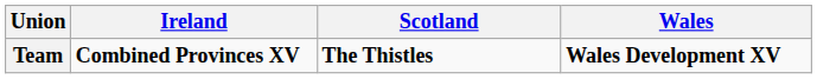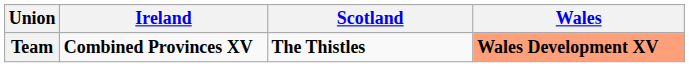 <table class="wikitable">
 <tr>
 <th>Union</th>
 <th> <a href='#'>Ireland</a></th>
 <th> <a href='#'>Scotland</a></th>
 <th> <a href='#'>Wales</a></th>
 </tr>
 <tr style="align;center">
 <th>Team</th>
 <td width=200><strong>Combined Provinces XV</strong></td>
 <td width=200><strong>The Thistles</strong></td>
-<td width=200><strong>Wales Development XV</strong></td>
+<td width=200 style="background: lightsalmon;"><strong>Wales Development XV</strong></td>
 </tr>
 </table>
